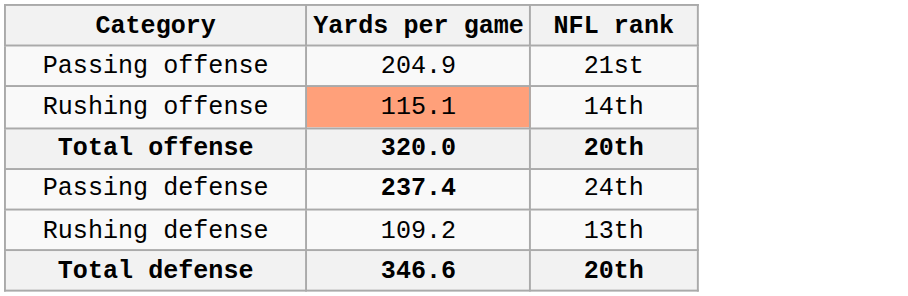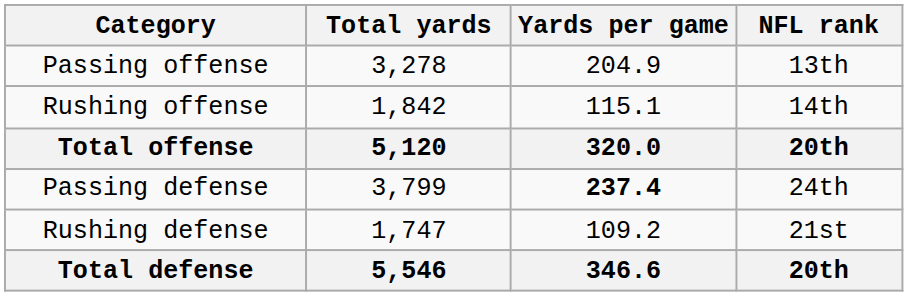 <table class="wikitable" style="text-align:center">
 <tr>
 <th width="150">Category</th>
+<th width="100">Total yards</th>
 <th width="110">Yards per game</th>
 <th width="80">NFL rank<br></th>
 </tr>
 <tr>
 <td>Passing offense</td>
+<td>3,278</td>
 <td>204.9</td>
-<td>21st</td>
+<td>13th</td>
 </tr>
 <tr>
 <td>Rushing offense</td>
-<td style="background: lightsalmon;">115.1</td>
+<td>1,842</td>
+<td>115.1</td>
 <td>14th</td>
 </tr>
 <tr>
 <th>Total offense</th>
+<th>5,120</th>
 <th>320.0</th>
 <th>20th</th>
 </tr>
 <tr>
 <td>Passing defense</td>
+<td>3,799</td>
 <td><strong>237.4</strong></td>
 <td>24th</td>
 </tr>
 <tr>
 <td>Rushing defense</td>
+<td>1,747</td>
 <td>109.2</td>
-<td>13th</td>
+<td>21st</td>
 </tr>
 <tr>
 <th>Total defense</th>
+<th>5,546</th>
 <th>346.6</th>
 <th>20th</th>
 </tr>
 </table>
